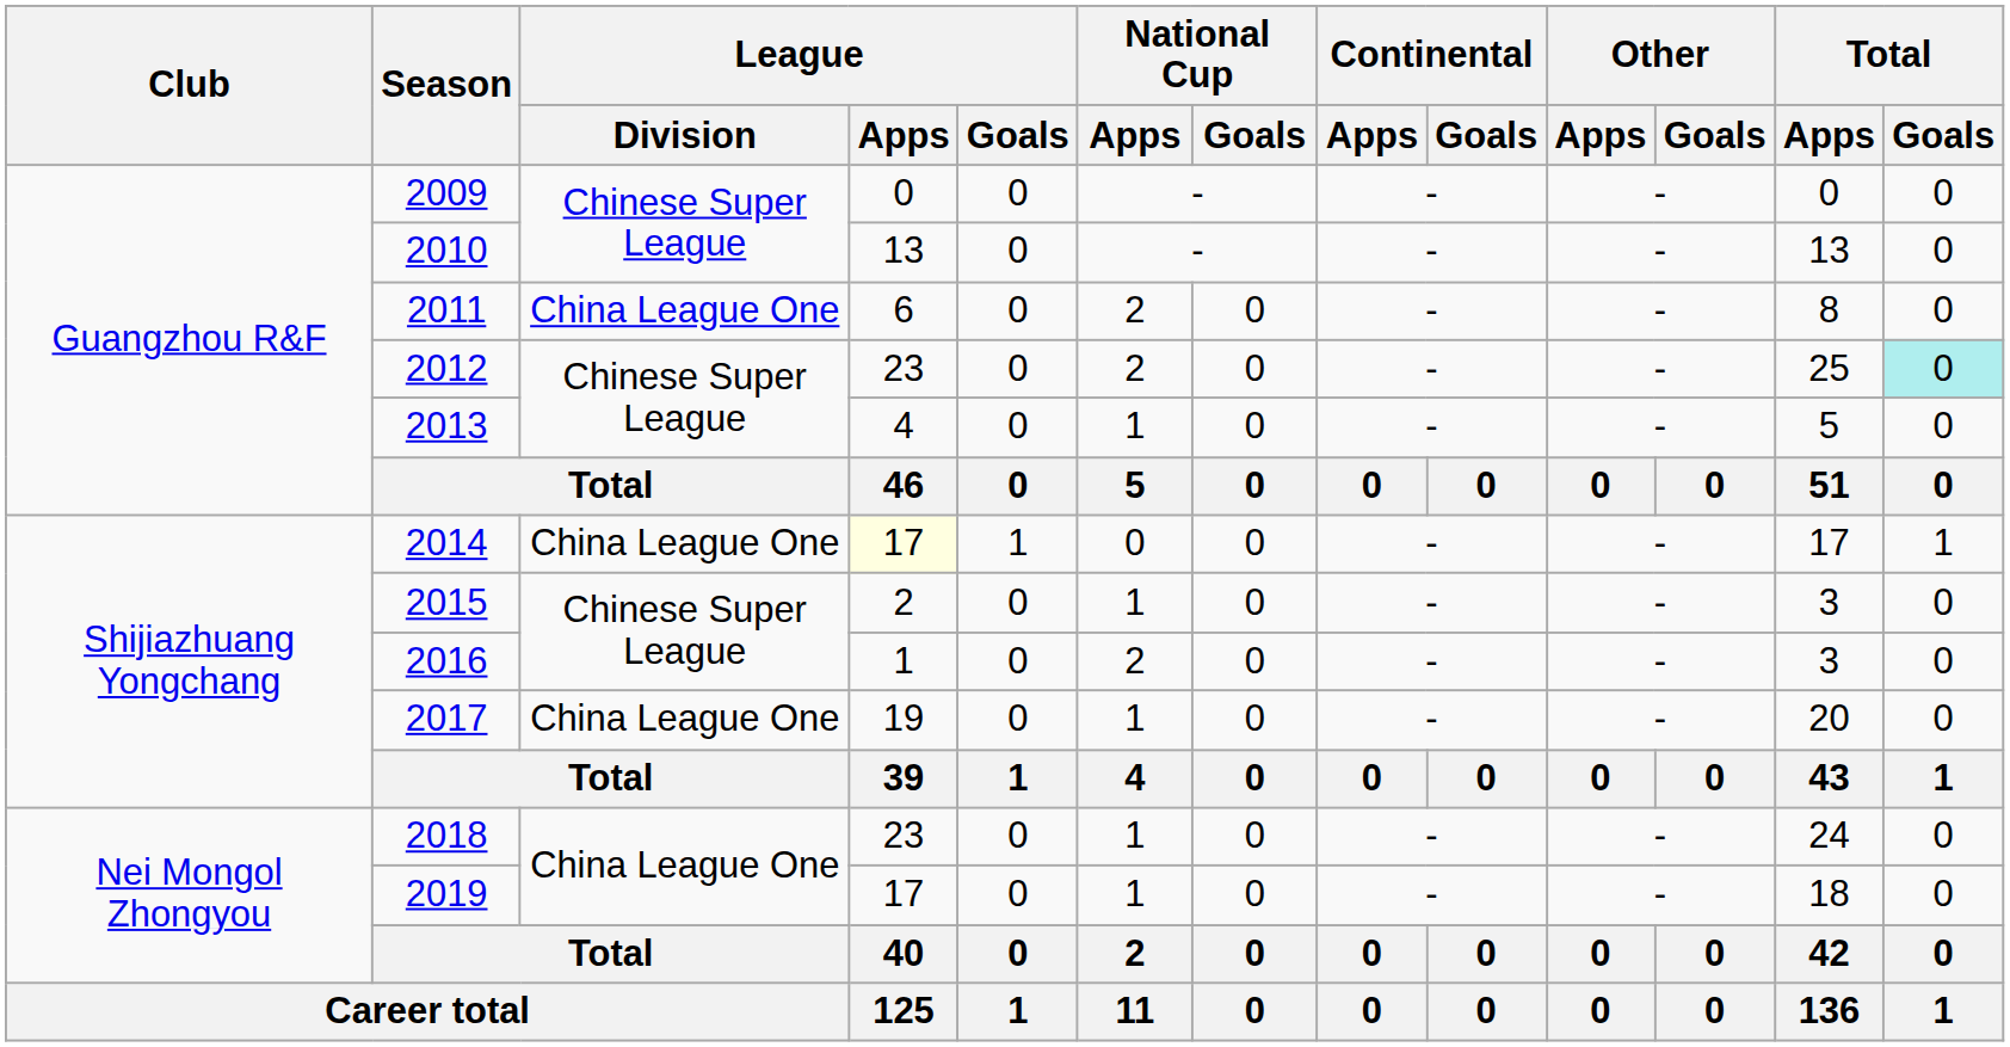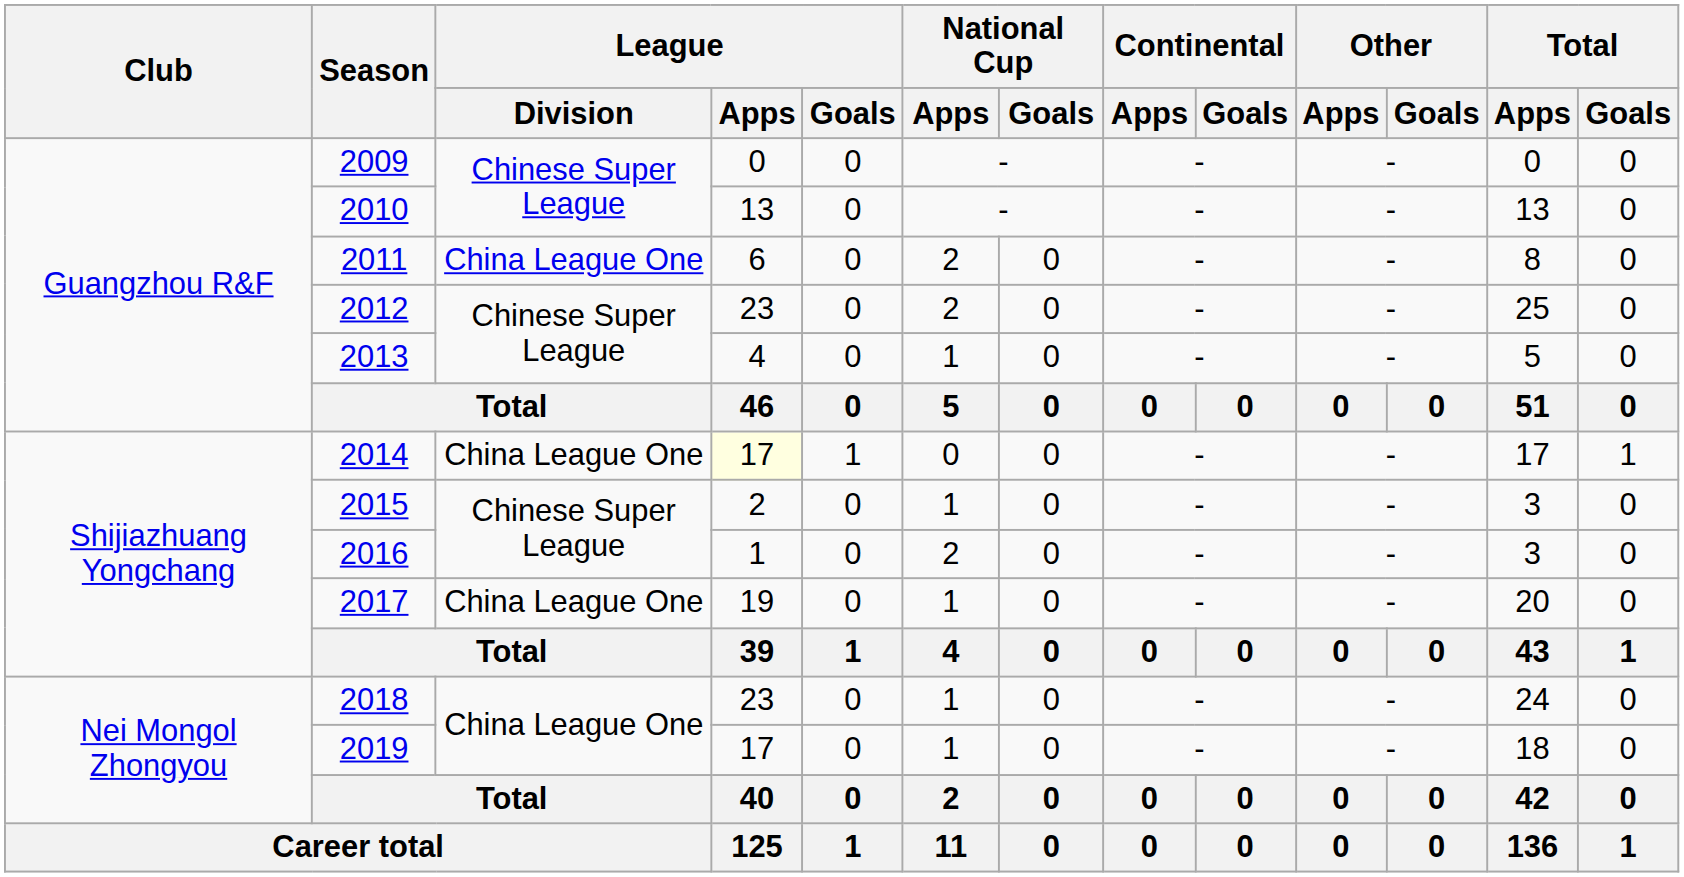 <table class="wikitable" style="text-align: center">
 <tr>
 <th rowspan="2">Club</th>
 <th rowspan="2">Season</th>
 <th colspan="3">League</th>
 <th colspan="2">National Cup</th>
 <th colspan="2">Continental</th>
 <th colspan="2">Other</th>
 <th colspan="2">Total</th>
 </tr>
 <tr>
 <th>Division</th>
 <th>Apps</th>
 <th>Goals</th>
 <th>Apps</th>
 <th>Goals</th>
 <th>Apps</th>
 <th>Goals</th>
 <th>Apps</th>
 <th>Goals</th>
 <th>Apps</th>
 <th>Goals</th>
 </tr>
 <tr>
 <td rowspan=6><a href='#'>Guangzhou R&F</a></td>
 <td><a href='#'>2009</a></td>
 <td rowspan="2"><a href='#'>Chinese Super League</a></td>
 <td>0</td>
 <td>0</td>
 <td colspan="2">-</td>
 <td colspan="2">-</td>
 <td colspan="2">-</td>
 <td>0</td>
 <td>0</td>
 </tr>
 <tr>
 <td><a href='#'>2010</a></td>
 <td>13</td>
 <td>0</td>
 <td colspan="2">-</td>
 <td colspan="2">-</td>
 <td colspan="2">-</td>
 <td>13</td>
 <td>0</td>
 </tr>
 <tr>
 <td><a href='#'>2011</a></td>
 <td><a href='#'>China League One</a></td>
 <td>6</td>
 <td>0</td>
 <td>2</td>
 <td>0</td>
 <td colspan="2">-</td>
 <td colspan="2">-</td>
 <td>8</td>
 <td>0</td>
 </tr>
 <tr>
 <td><a href='#'>2012</a></td>
 <td rowspan=2>Chinese Super League</td>
 <td>23</td>
 <td>0</td>
 <td>2</td>
 <td>0</td>
 <td colspan="2">-</td>
 <td colspan="2">-</td>
 <td>25</td>
-<td style="background: paleturquoise;">0</td>
+<td>0</td>
 </tr>
 <tr>
 <td><a href='#'>2013</a></td>
 <td>4</td>
 <td>0</td>
 <td>1</td>
 <td>0</td>
 <td colspan="2">-</td>
 <td colspan="2">-</td>
 <td>5</td>
 <td>0</td>
 </tr>
 <tr>
 <th colspan="2"><strong>Total</strong></th>
 <th>46</th>
 <th>0</th>
 <th>5</th>
 <th>0</th>
 <th>0</th>
 <th>0</th>
 <th>0</th>
 <th>0</th>
 <th>51</th>
 <th>0</th>
 </tr>
 <tr>
 <td rowspan=5><a href='#'>Shijiazhuang Yongchang</a></td>
 <td><a href='#'>2014</a></td>
 <td>China League One</td>
 <td style="background: lightyellow;">17</td>
 <td>1</td>
 <td>0</td>
 <td>0</td>
 <td colspan="2">-</td>
 <td colspan="2">-</td>
 <td>17</td>
 <td>1</td>
 </tr>
 <tr>
 <td><a href='#'>2015</a></td>
 <td rowspan=2>Chinese Super League</td>
 <td>2</td>
 <td>0</td>
 <td>1</td>
 <td>0</td>
 <td colspan="2">-</td>
 <td colspan="2">-</td>
 <td>3</td>
 <td>0</td>
 </tr>
 <tr>
 <td><a href='#'>2016</a></td>
 <td>1</td>
 <td>0</td>
 <td>2</td>
 <td>0</td>
 <td colspan="2">-</td>
 <td colspan="2">-</td>
 <td>3</td>
 <td>0</td>
 </tr>
 <tr>
 <td><a href='#'>2017</a></td>
 <td>China League One</td>
 <td>19</td>
 <td>0</td>
 <td>1</td>
 <td>0</td>
 <td colspan="2">-</td>
 <td colspan="2">-</td>
 <td>20</td>
 <td>0</td>
 </tr>
 <tr>
 <th colspan="2"><strong>Total</strong></th>
 <th>39</th>
 <th>1</th>
 <th>4</th>
 <th>0</th>
 <th>0</th>
 <th>0</th>
 <th>0</th>
 <th>0</th>
 <th>43</th>
 <th>1</th>
 </tr>
 <tr>
 <td rowspan=3><a href='#'>Nei Mongol Zhongyou</a></td>
 <td><a href='#'>2018</a></td>
 <td rowspan=2>China League One</td>
 <td>23</td>
 <td>0</td>
 <td>1</td>
 <td>0</td>
 <td colspan="2">-</td>
 <td colspan="2">-</td>
 <td>24</td>
 <td>0</td>
 </tr>
 <tr>
 <td><a href='#'>2019</a></td>
 <td>17</td>
 <td>0</td>
 <td>1</td>
 <td>0</td>
 <td colspan="2">-</td>
 <td colspan="2">-</td>
 <td>18</td>
 <td>0</td>
 </tr>
 <tr>
 <th colspan="2"><strong>Total</strong></th>
 <th>40</th>
 <th>0</th>
 <th>2</th>
 <th>0</th>
 <th>0</th>
 <th>0</th>
 <th>0</th>
 <th>0</th>
 <th>42</th>
 <th>0</th>
 </tr>
 <tr>
 <th colspan=3>Career total</th>
 <th>125</th>
 <th>1</th>
 <th>11</th>
 <th>0</th>
 <th>0</th>
 <th>0</th>
 <th>0</th>
 <th>0</th>
 <th>136</th>
 <th>1</th>
 </tr>
 </table>
